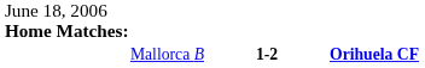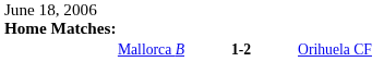 <table width=100% cellspacing=1>
 <tr>
 <th width=20%></th>
 <th width=12%></th>
 <th width=20%></th>
 <th></th>
 </tr>
 <tr>
 <td>June 18, 2006<br><strong>Home Matches:</strong></td>
 </tr>
 <tr style=font-size:90%>
 <td align=right><a href='#'>Mallorca <em>B</em></a></td>
 <td align=center><strong>1-2</strong></td>
-<td><strong><a href='#'>Orihuela CF</a></strong></td>
+<td><a href='#'>Orihuela CF</a></td>
 </tr>
 </table>
